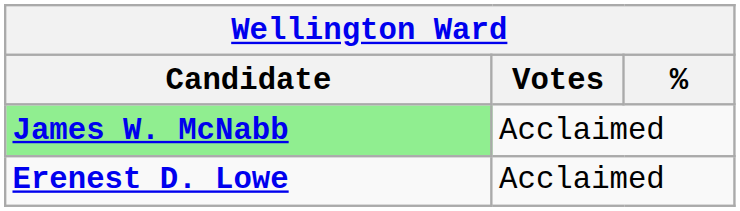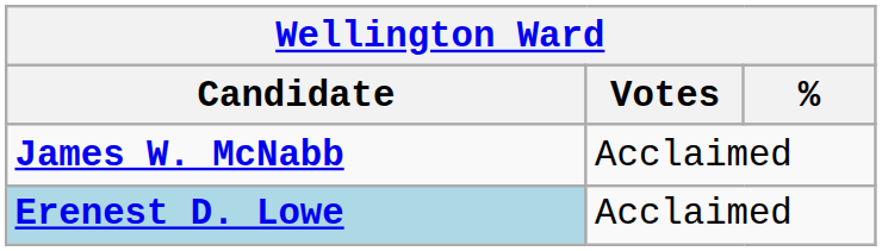 <table class="wikitable">
 <tr>
 <th colspan="3"><a href='#'>Wellington Ward</a></th>
 </tr>
 <tr>
 <th style="width: 200px">Candidate</th>
 <th style="width: 50px">Votes</th>
 <th style="width: 40px">%</th>
 </tr>
 <tr>
-<td style="background: lightgreen;"><strong><a href='#'>James W. McNabb</a></strong></td>
+<td><strong><a href='#'>James W. McNabb</a></strong></td>
 <td colspan="2">Acclaimed</td>
 </tr>
 <tr>
-<td><strong><a href='#'>Erenest D. Lowe</a></strong></td>
+<td style="background: lightblue;"><strong><a href='#'>Erenest D. Lowe</a></strong></td>
 <td colspan="2">Acclaimed</td>
 </tr>
 </table>
